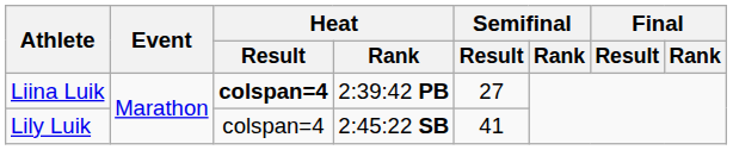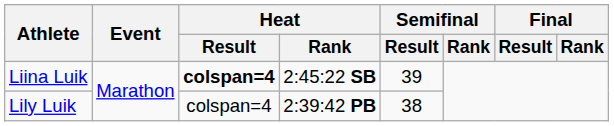 <table class="wikitable" style="font-size:90%">
 <tr>
 <th rowspan="2">Athlete</th>
 <th rowspan="2">Event</th>
 <th colspan="2">Heat</th>
 <th colspan="2">Semifinal</th>
 <th colspan="2">Final</th>
 </tr>
 <tr style="font-size:95%">
 <th>Result</th>
 <th>Rank</th>
 <th>Result</th>
 <th>Rank</th>
 <th>Result</th>
 <th>Rank</th>
 </tr>
 <tr style=text-align:center>
 <td style=text-align:left><a href='#'>Liina Luik</a></td>
 <td style=text-align:left rowspan=2><a href='#'>Marathon</a></td>
 <td><strong>colspan=4 </strong></td>
-<td>2:39:42 <strong>PB</strong></td>
-<td>27</td>
+<td>2:45:22 <strong>SB</strong></td>
+<td>39</td>
 </tr>
 <tr style=text-align:center>
 <td style=text-align:left><a href='#'>Lily Luik</a></td>
 <td>colspan=4 </td>
-<td>2:45:22 <strong>SB</strong></td>
-<td>41</td>
+<td>2:39:42 <strong>PB</strong></td>
+<td>38</td>
 </tr>
 </table>
